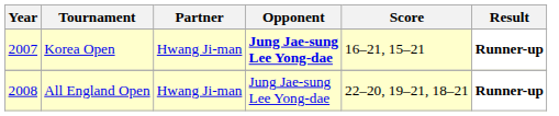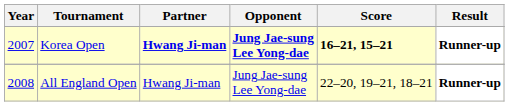 <table class="sortable wikitable" style="font-size: 90%;">
 <tr>
 <th>Year</th>
 <th>Tournament</th>
 <th>Partner</th>
 <th>Opponent</th>
 <th>Score</th>
 <th>Result</th>
 </tr>
 <tr>
 </tr>
 <tr bgcolor="#FFFFCC">
 <td align="center"><a href='#'>2007</a></td>
 <td><a href='#'>Korea Open</a></td>
-<td> <a href='#'>Hwang Ji-man</a></td>
+<td><strong> <a href='#'>Hwang Ji-man</a></strong></td>
 <td><strong> <a href='#'>Jung Jae-sung</a><br> <a href='#'>Lee Yong-dae</a></strong></td>
-<td>16–21, 15–21</td>
+<td><strong>16–21, 15–21</strong></td>
 <td bgcolor="#FFFFFF"> <strong>Runner-up</strong></td>
 </tr>
 <tr>
 </tr>
 <tr bgcolor="#FFFFCC">
 <td align="center"><a href='#'>2008</a></td>
 <td><a href='#'>All England Open</a></td>
 <td> <a href='#'>Hwang Ji-man</a></td>
 <td> <a href='#'>Jung Jae-sung</a><br> <a href='#'>Lee Yong-dae</a></td>
 <td>22–20, 19–21, 18–21</td>
 <td bgcolor="#FFFFFF"> <strong>Runner-up</strong></td>
 </tr>
 </table>
